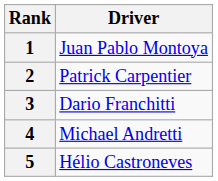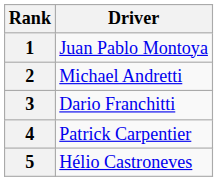 <table class="wikitable">
 <tr>
 <th>Rank</th>
 <th>Driver</th>
 </tr>
 <tr>
 <th>1</th>
 <td> <a href='#'>Juan Pablo Montoya</a></td>
 </tr>
 <tr>
 <th>2</th>
-<td> <a href='#'>Patrick Carpentier</a></td>
+<td> <a href='#'>Michael Andretti</a></td>
 </tr>
 <tr>
 <th>3</th>
 <td> <a href='#'>Dario Franchitti</a></td>
 </tr>
 <tr>
 <th>4</th>
-<td> <a href='#'>Michael Andretti</a></td>
+<td> <a href='#'>Patrick Carpentier</a></td>
 </tr>
 <tr>
 <th>5</th>
 <td> <a href='#'>Hélio Castroneves</a></td>
 </tr>
 </table>
